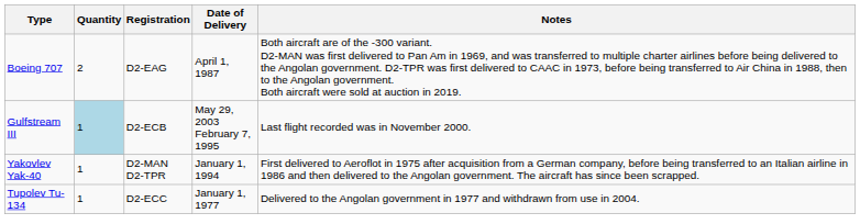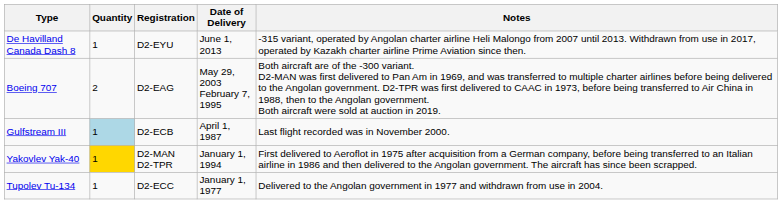 <table class="wikitable">
 <tr>
 <th><strong>Type</strong></th>
 <th>Quantity</th>
 <th>Registration</th>
 <th>Date of Delivery</th>
 <th>Notes</th>
 </tr>
 <tr>
+<td><a href='#'>De Havilland Canada Dash 8</a></td>
+<td>1</td>
+<td>D2-EYU</td>
+<td>June 1, 2013</td>
+<td>-315 variant, operated by Angolan charter airline Heli Malongo from 2007 until 2013. Withdrawn from use in 2017, operated by Kazakh charter airline Prime Aviation since then.</td>
+</tr>
+<tr>
 <td><a href='#'>Boeing 707</a></td>
 <td>2</td>
 <td>D2-EAG</td>
-<td>April 1, 1987</td>
+<td>May 29, 2003<br>February 7, 1995</td>
 <td>Both aircraft are of the -300 variant.<br>D2-MAN was first delivered to Pan Am in 1969, and was transferred to multiple charter airlines before being delivered to the Angolan government. D2-TPR was first delivered to CAAC in 1973, before being transferred to Air China in 1988, then to the Angolan government.<br>Both aircraft were sold at auction in 2019.</td>
 </tr>
 <tr>
 <td><a href='#'>Gulfstream III</a></td>
 <td style="background: lightblue;">1</td>
 <td>D2-ECB</td>
-<td>May 29, 2003<br>February 7, 1995</td>
+<td>April 1, 1987</td>
 <td>Last flight recorded was in November 2000.</td>
 </tr>
 <tr>
 <td><a href='#'>Yakovlev Yak-40</a></td>
-<td>1</td>
+<td style="background: gold;">1</td>
 <td>D2-MAN<br>D2-TPR</td>
 <td>January 1, 1994</td>
 <td>First delivered to Aeroflot in 1975 after acquisition from a German company, before being transferred to an Italian airline in 1986 and then delivered to the Angolan government. The aircraft has since been scrapped.</td>
 </tr>
 <tr>
 <td><a href='#'>Tupolev Tu-134</a></td>
 <td>1</td>
 <td>D2-ECC</td>
 <td>January 1, 1977</td>
 <td>Delivered to the Angolan government in 1977 and withdrawn from use in 2004.</td>
 </tr>
 </table>
